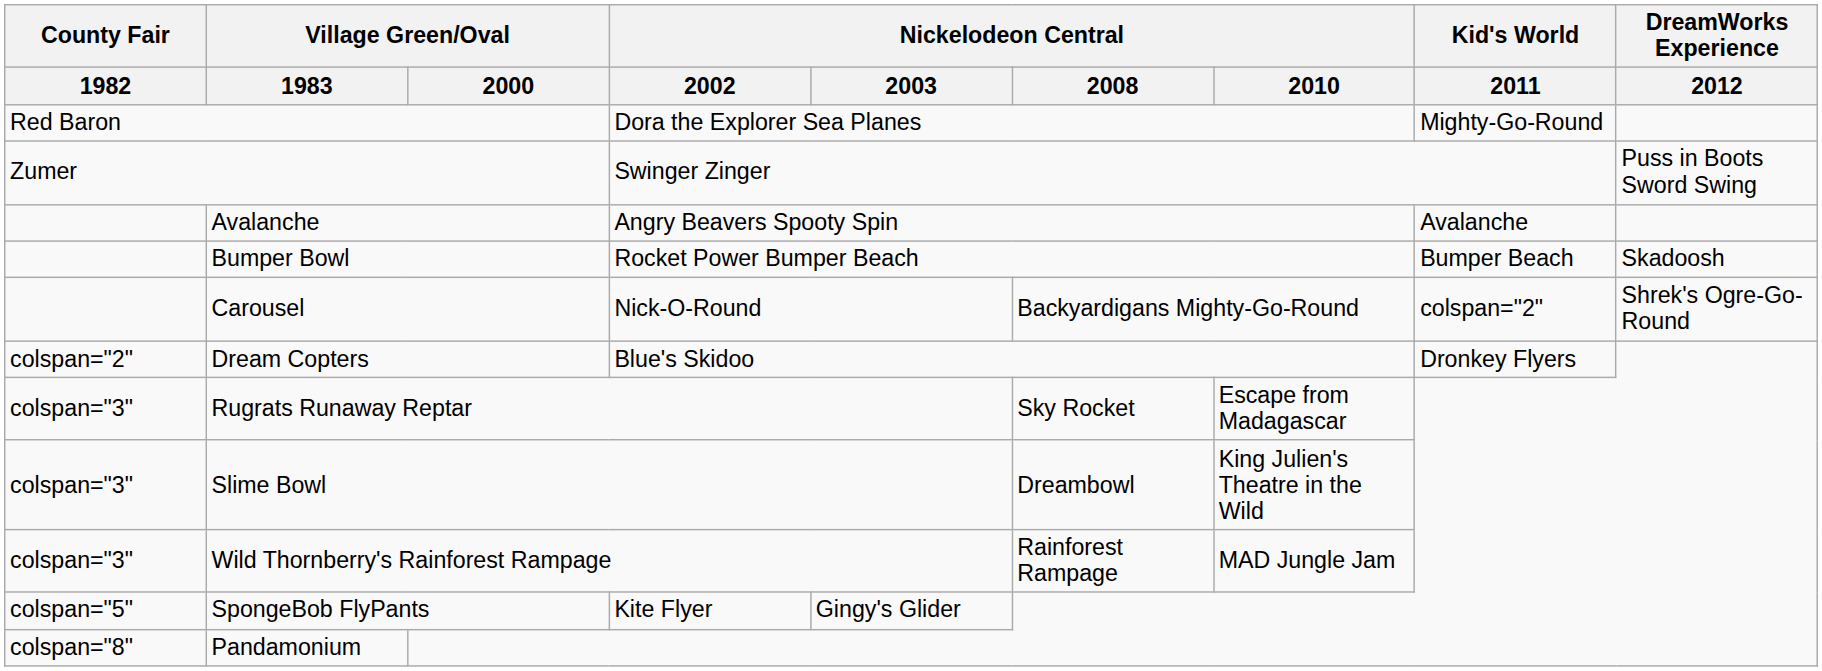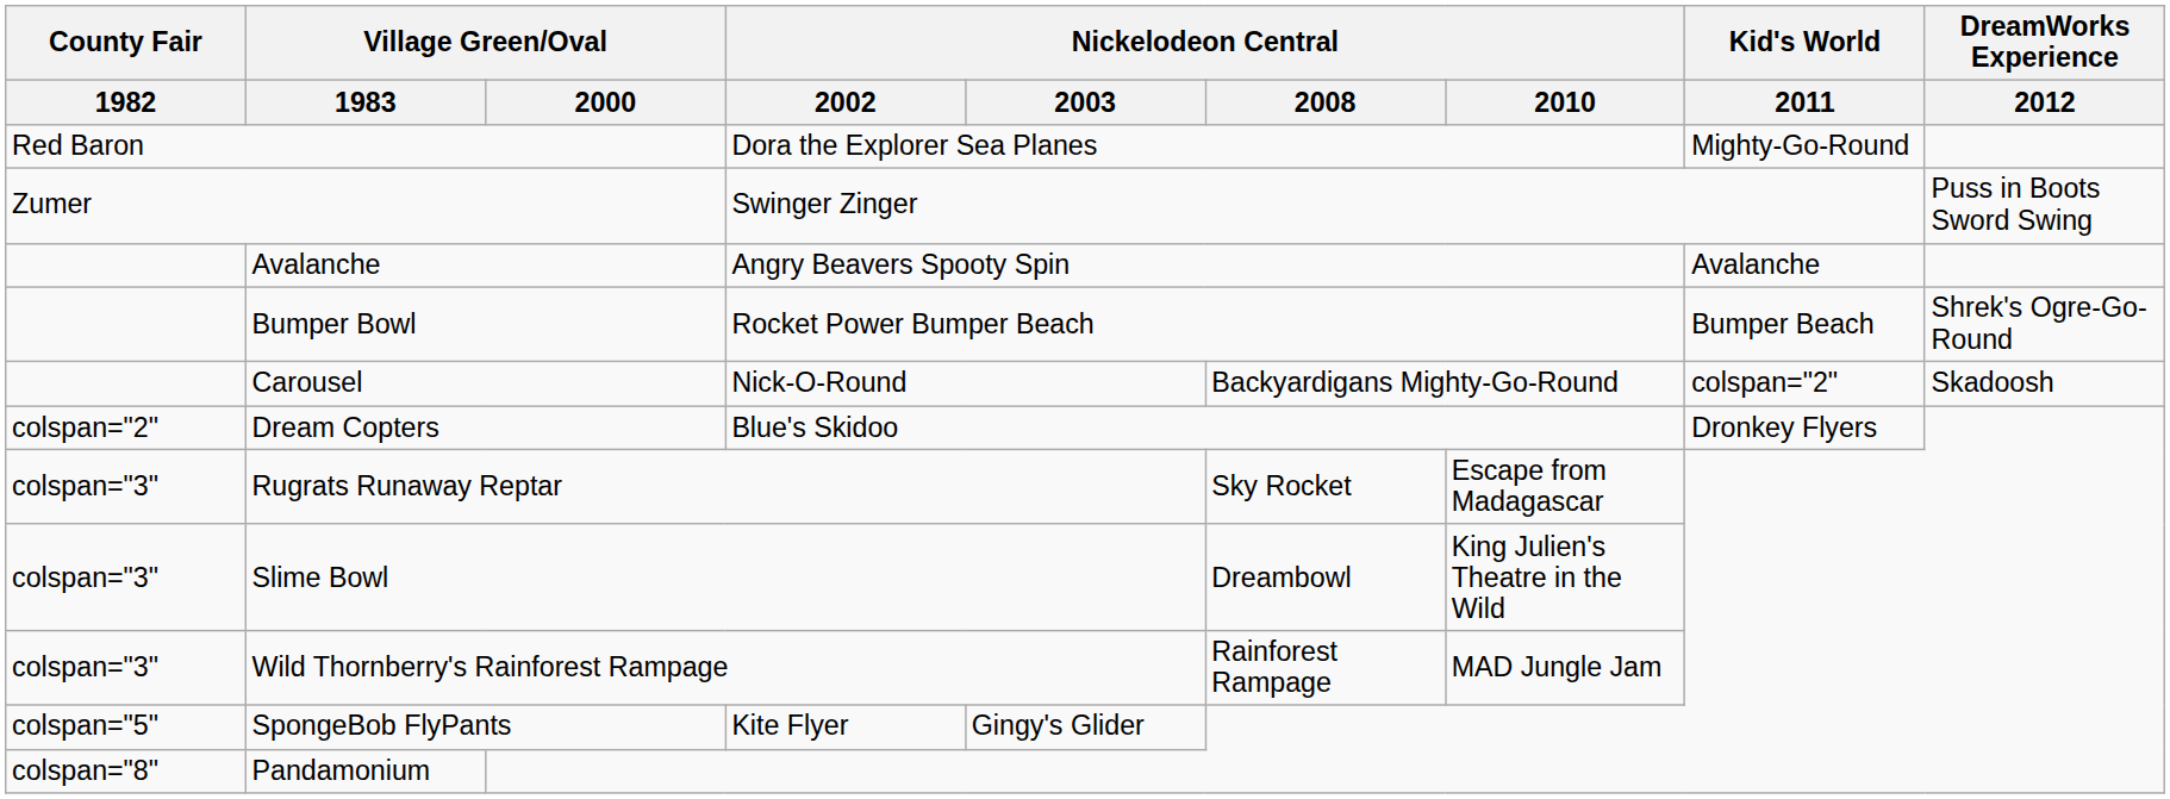 <table class="wikitable" style="width:99%">
 <tr>
 <th>County Fair</th>
 <th colspan="2">Village Green/Oval</th>
 <th colspan="4">Nickelodeon Central</th>
 <th style="width:11%">Kid's World</th>
 <th style="width:11%">DreamWorks Experience</th>
 </tr>
 <tr>
 <th style="width:11%">1982</th>
 <th style="width:11%">1983</th>
 <th style="width:11%">2000</th>
 <th style="width:11%">2002</th>
 <th style="width:11%">2003</th>
 <th style="width:11%">2008</th>
 <th style="width:11%">2010</th>
 <th style="width:11%">2011</th>
 <th style="width:11%">2012</th>
 </tr>
 <tr>
 <td colspan="3">Red Baron</td>
 <td colspan="4">Dora the Explorer Sea Planes</td>
 <td>Mighty-Go-Round</td>
 </tr>
 <tr>
 <td colspan="3">Zumer</td>
 <td colspan="5">Swinger Zinger</td>
 <td>Puss in Boots Sword Swing</td>
 </tr>
 <tr>
 <td></td>
 <td colspan="2">Avalanche</td>
 <td colspan="4">Angry Beavers Spooty Spin</td>
 <td>Avalanche</td>
 <td></td>
 </tr>
 <tr>
 <td></td>
 <td colspan="2">Bumper Bowl</td>
 <td colspan="4">Rocket Power Bumper Beach</td>
 <td>Bumper Beach</td>
-<td>Skadoosh</td>
+<td>Shrek's Ogre-Go-Round</td>
 </tr>
 <tr>
 <td></td>
 <td colspan="2">Carousel</td>
 <td colspan="2">Nick-O-Round</td>
 <td colspan="2">Backyardigans Mighty-Go-Round</td>
 <td>colspan="2" </td>
-<td>Shrek's Ogre-Go-Round</td>
+<td>Skadoosh</td>
 </tr>
 <tr>
 <td>colspan="2" </td>
 <td colspan="2">Dream Copters</td>
 <td colspan="4">Blue's Skidoo</td>
 <td>Dronkey Flyers</td>
 </tr>
 <tr>
 <td>colspan="3" </td>
 <td colspan="4">Rugrats Runaway Reptar</td>
 <td>Sky Rocket</td>
 <td>Escape from Madagascar</td>
 </tr>
 <tr>
 <td>colspan="3" </td>
 <td colspan="4">Slime Bowl</td>
 <td>Dreambowl</td>
 <td>King Julien's Theatre in the Wild</td>
 </tr>
 <tr>
 <td>colspan="3" </td>
 <td colspan="4">Wild Thornberry's Rainforest Rampage</td>
 <td>Rainforest Rampage</td>
 <td>MAD Jungle Jam</td>
 </tr>
 <tr>
 <td>colspan="5" </td>
 <td colspan="2">SpongeBob FlyPants</td>
 <td>Kite Flyer</td>
 <td>Gingy's Glider</td>
 </tr>
 <tr>
 <td>colspan="8" </td>
 <td>Pandamonium</td>
 </tr>
 </table>
